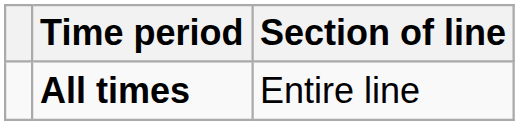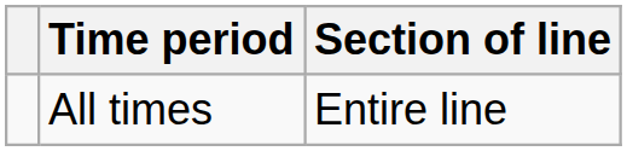 <table class="wikitable">
 <tr>
 <th> </th>
 <th>Time period</th>
 <th>Section of line</th>
 </tr>
 <tr>
 <td align=center></td>
-<td><strong>All times</strong></td>
+<td>All times</td>
 <td>Entire line</td>
 </tr>
 </table>
